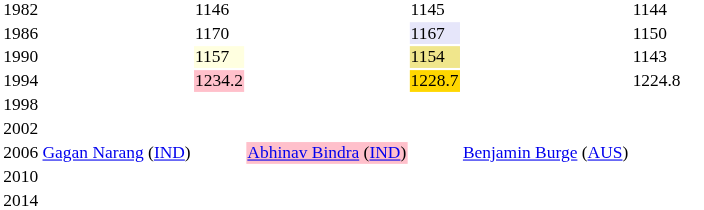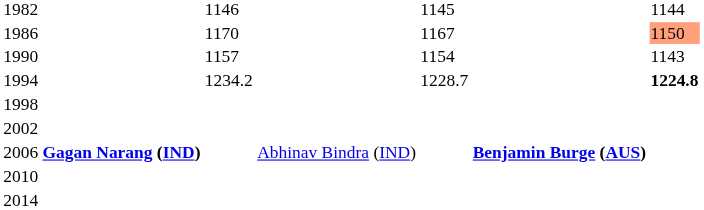 <table>
 <tr>
 <td>1982</td>
 <td></td>
 <td>1146</td>
 <td></td>
 <td>1145</td>
 <td></td>
 <td>1144</td>
 </tr>
 <tr>
 <td>1986</td>
 <td></td>
 <td>1170</td>
 <td></td>
-<td style="background: lavender;">1167</td>
+<td>1167</td>
 <td></td>
-<td>1150</td>
+<td style="background: lightsalmon;">1150</td>
 </tr>
 <tr>
 <td>1990</td>
 <td></td>
-<td style="background: lightyellow;">1157</td>
+<td>1157</td>
 <td></td>
-<td style="background: khaki;">1154</td>
+<td>1154</td>
 <td></td>
 <td>1143</td>
 </tr>
 <tr>
 <td>1994</td>
 <td></td>
-<td style="background: pink;">1234.2</td>
+<td>1234.2</td>
 <td></td>
-<td style="background: gold;">1228.7</td>
+<td>1228.7</td>
 <td></td>
-<td>1224.8</td>
+<td><strong>1224.8</strong></td>
 </tr>
 <tr>
 <td>1998</td>
 <td></td>
 <td></td>
 <td></td>
 <td></td>
 <td></td>
 <td></td>
 </tr>
 <tr>
 <td>2002</td>
 <td></td>
 <td></td>
 <td></td>
 <td></td>
 <td></td>
 <td></td>
 </tr>
 <tr>
 <td>2006</td>
-<td> <a href='#'>Gagan Narang</a> (<a href='#'>IND</a>)</td>
+<td><strong> <a href='#'>Gagan Narang</a> (<a href='#'>IND</a>)</strong></td>
 <td></td>
-<td style="background: pink;"> <a href='#'>Abhinav Bindra</a> (<a href='#'>IND</a>)</td>
+<td> <a href='#'>Abhinav Bindra</a> (<a href='#'>IND</a>)</td>
 <td></td>
-<td> <a href='#'>Benjamin Burge</a> (<a href='#'>AUS</a>)</td>
+<td><strong> <a href='#'>Benjamin Burge</a> (<a href='#'>AUS</a>)</strong></td>
 <td></td>
 </tr>
 <tr>
 <td>2010<br></td>
 <td></td>
 <td></td>
 <td></td>
 <td></td>
 <td></td>
 <td></td>
 </tr>
 <tr>
 <td>2014<br></td>
 <td></td>
 <td></td>
 <td></td>
 <td></td>
 <td></td>
 <td></td>
 </tr>
 </table>
